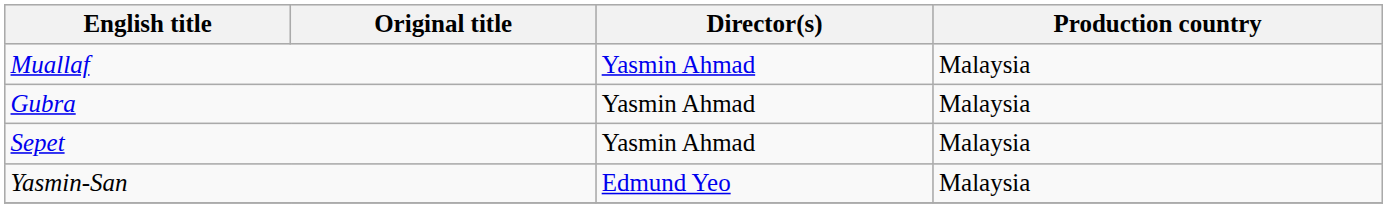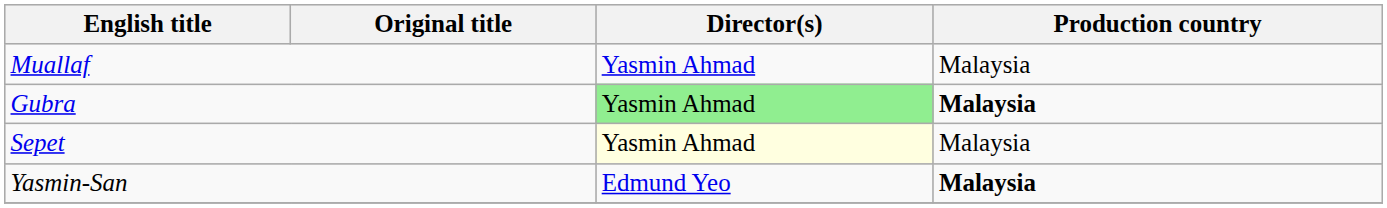 <table class="wikitable sortable" style="width:100%; margin-bottom:5px">
 <tr>
 <th>English title</th>
 <th>Original title</th>
 <th>Director(s)</th>
 <th>Production country</th>
 </tr>
 <tr>
 <td colspan="2"><em><a href='#'>Muallaf</a></em></td>
 <td><a href='#'>Yasmin Ahmad</a></td>
 <td>Malaysia</td>
 </tr>
 <tr>
 <td colspan="2"><em><a href='#'>Gubra</a></em></td>
-<td>Yasmin Ahmad</td>
-<td>Malaysia</td>
+<td style="background: lightgreen;">Yasmin Ahmad</td>
+<td><strong>Malaysia</strong></td>
 </tr>
 <tr>
 <td colspan="2"><em><a href='#'>Sepet</a></em></td>
-<td>Yasmin Ahmad</td>
+<td style="background: lightyellow;">Yasmin Ahmad</td>
 <td>Malaysia</td>
 </tr>
 <tr>
 <td colspan="2"><em>Yasmin-San</em></td>
 <td><a href='#'>Edmund Yeo</a></td>
-<td>Malaysia</td>
+<td><strong>Malaysia</strong></td>
 </tr>
 <tr>
 </tr>
 </table>
